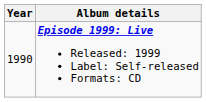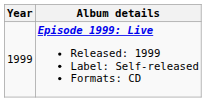 <table class="wikitable" border="1">
 <tr>
 <th>Year</th>
 <th>Album details</th>
 </tr>
 <tr>
-<td>1990</td>
+<td>1999</td>
 <td align="left"><strong><em><a href='#'>Episode 1999: Live</a></em></strong><br><ul><li>Released: 1999</li><li>Label: Self-released</li><li>Formats: CD</li></ul></td>
 </tr>
 </table>
